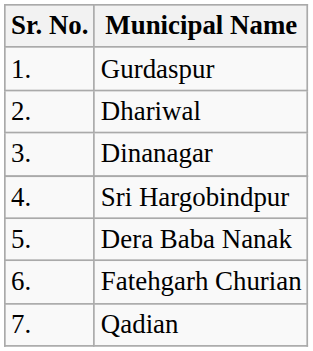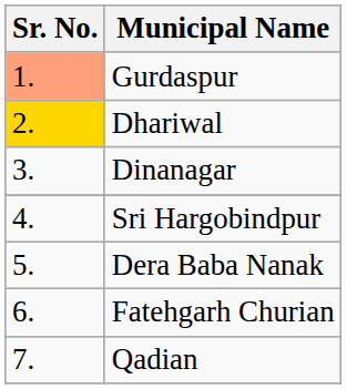 <table class="wikitable sortable">
 <tr>
 <th bgcolor="#99ccff">Sr. No.</th>
 <th bgcolor="#99ccff">Municipal Name</th>
 </tr>
 <tr>
-<td>1.</td>
+<td style="background: lightsalmon;">1.</td>
 <td>Gurdaspur</td>
 </tr>
 <tr>
-<td>2.</td>
+<td style="background: gold;">2.</td>
 <td>Dhariwal</td>
 </tr>
 <tr>
 <td>3.</td>
 <td>Dinanagar</td>
 </tr>
 <tr>
 </tr>
 <tr>
 <td>4.</td>
 <td>Sri Hargobindpur</td>
 </tr>
 <tr>
 <td>5.</td>
 <td>Dera Baba Nanak</td>
 </tr>
 <tr>
 <td>6.</td>
 <td>Fatehgarh Churian</td>
 </tr>
 <tr>
 <td>7.</td>
 <td>Qadian</td>
 </tr>
 </table>
